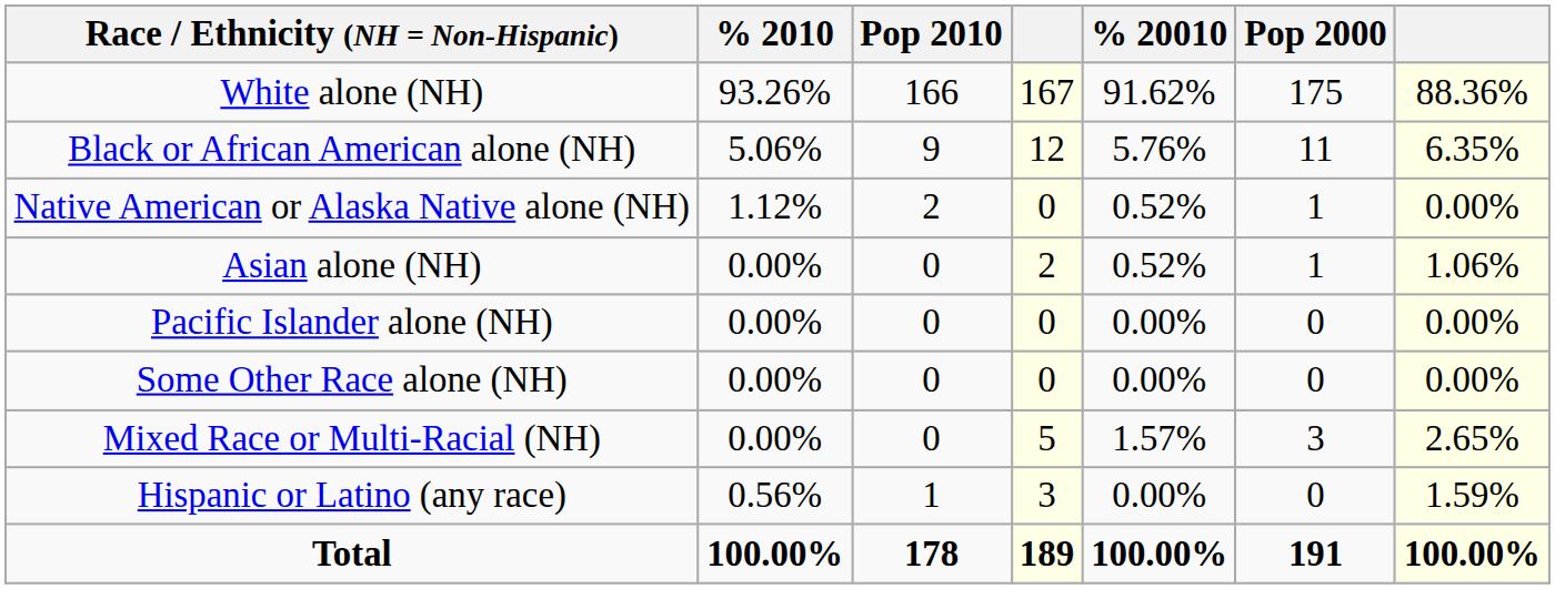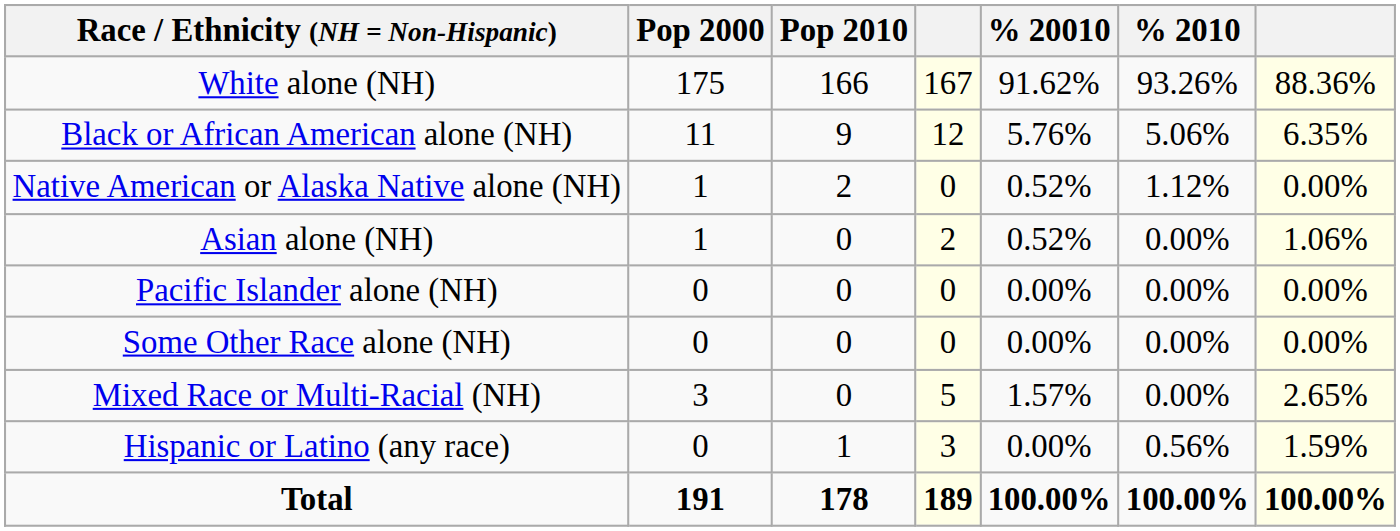 <table class="wikitable" style="text-align:center;">
 <tr>
 <th>Race / Ethnicity <small>(<em>NH = Non-Hispanic</em>)</small></th>
-<th>% 2010</th>
+<th>Pop 2000</th>
 <th>Pop 2010</th>
 <th></th>
 <th>% 20010</th>
-<th>Pop 2000</th>
+<th>% 2010</th>
 <th></th>
 </tr>
 <tr>
 <td><a href='#'>White</a> alone (NH)</td>
-<td>93.26%</td>
+<td>175</td>
 <td>166</td>
 <td style='background: #ffffe6;'>167</td>
 <td>91.62%</td>
-<td>175</td>
+<td>93.26%</td>
 <td style='background: #ffffe6;'>88.36%</td>
 </tr>
 <tr>
 <td><a href='#'>Black or African American</a> alone (NH)</td>
-<td>5.06%</td>
+<td>11</td>
 <td>9</td>
 <td style='background: #ffffe6;'>12</td>
 <td>5.76%</td>
-<td>11</td>
+<td>5.06%</td>
 <td style='background: #ffffe6;'>6.35%</td>
 </tr>
 <tr>
 <td><a href='#'>Native American</a> or <a href='#'>Alaska Native</a> alone (NH)</td>
-<td>1.12%</td>
+<td>1</td>
 <td>2</td>
 <td style='background: #ffffe6;'>0</td>
 <td>0.52%</td>
-<td>1</td>
+<td>1.12%</td>
 <td style='background: #ffffe6;'>0.00%</td>
 </tr>
 <tr>
 <td><a href='#'>Asian</a> alone (NH)</td>
-<td>0.00%</td>
+<td>1</td>
 <td>0</td>
 <td style='background: #ffffe6;'>2</td>
 <td>0.52%</td>
-<td>1</td>
+<td>0.00%</td>
 <td style='background: #ffffe6;'>1.06%</td>
 </tr>
 <tr>
 <td><a href='#'>Pacific Islander</a> alone (NH)</td>
-<td>0.00%</td>
+<td>0</td>
 <td>0</td>
 <td style='background: #ffffe6;'>0</td>
 <td>0.00%</td>
-<td>0</td>
+<td>0.00%</td>
 <td style='background: #ffffe6;'>0.00%</td>
 </tr>
 <tr>
 <td><a href='#'>Some Other Race</a> alone (NH)</td>
-<td>0.00%</td>
+<td>0</td>
 <td>0</td>
 <td style='background: #ffffe6;'>0</td>
 <td>0.00%</td>
-<td>0</td>
+<td>0.00%</td>
 <td style='background: #ffffe6;'>0.00%</td>
 </tr>
 <tr>
 <td><a href='#'>Mixed Race or Multi-Racial</a> (NH)</td>
-<td>0.00%</td>
+<td>3</td>
 <td>0</td>
 <td style='background: #ffffe6;'>5</td>
 <td>1.57%</td>
-<td>3</td>
+<td>0.00%</td>
 <td style='background: #ffffe6;'>2.65%</td>
 </tr>
 <tr>
 <td><a href='#'>Hispanic or Latino</a> (any race)</td>
-<td>0.56%</td>
+<td>0</td>
 <td>1</td>
 <td style='background: #ffffe6;'>3</td>
 <td>0.00%</td>
-<td>0</td>
+<td>0.56%</td>
 <td style='background: #ffffe6;'>1.59%</td>
 </tr>
 <tr>
 <td><strong>Total</strong></td>
-<td><strong>100.00%</strong></td>
+<td><strong>191</strong></td>
 <td><strong>178</strong></td>
 <td style='background: #ffffe6;'><strong>189</strong></td>
 <td><strong>100.00%</strong></td>
-<td><strong>191</strong></td>
+<td><strong>100.00%</strong></td>
 <td style='background: #ffffe6;'><strong>100.00%</strong></td>
 </tr>
 </table>
